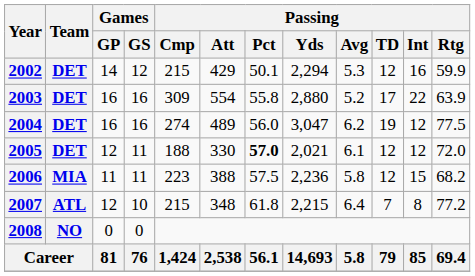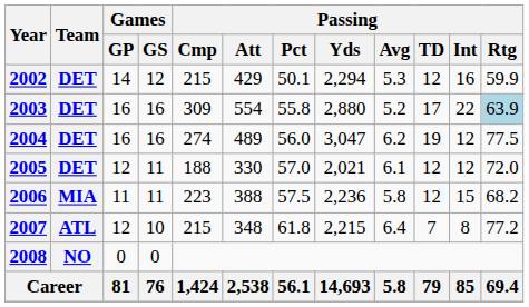 <table class="wikitable" style="text-align: center;">
 <tr>
 <th rowspan="2">Year</th>
 <th rowspan="2">Team</th>
 <th colspan="2">Games</th>
 <th colspan="8">Passing</th>
 </tr>
 <tr>
 <th>GP</th>
 <th>GS</th>
 <th>Cmp</th>
 <th>Att</th>
 <th>Pct</th>
 <th>Yds</th>
 <th>Avg</th>
 <th>TD</th>
 <th>Int</th>
 <th>Rtg</th>
 </tr>
 <tr>
 <th><a href='#'>2002</a></th>
 <th><a href='#'>DET</a></th>
 <td>14</td>
 <td>12</td>
 <td>215</td>
 <td>429</td>
 <td>50.1</td>
 <td>2,294</td>
 <td>5.3</td>
 <td>12</td>
 <td>16</td>
 <td>59.9</td>
 </tr>
 <tr>
 <th><a href='#'>2003</a></th>
 <th><a href='#'>DET</a></th>
 <td>16</td>
 <td>16</td>
 <td>309</td>
 <td>554</td>
 <td>55.8</td>
 <td>2,880</td>
 <td>5.2</td>
 <td>17</td>
 <td>22</td>
-<td>63.9</td>
+<td style="background: lightblue;">63.9</td>
 </tr>
 <tr>
 <th><a href='#'>2004</a></th>
 <th><a href='#'>DET</a></th>
 <td>16</td>
 <td>16</td>
 <td>274</td>
 <td>489</td>
 <td>56.0</td>
 <td>3,047</td>
 <td>6.2</td>
 <td>19</td>
 <td>12</td>
 <td>77.5</td>
 </tr>
 <tr>
 <th><a href='#'>2005</a></th>
 <th><a href='#'>DET</a></th>
 <td>12</td>
 <td>11</td>
 <td>188</td>
 <td>330</td>
-<td><strong>57.0</strong></td>
+<td>57.0</td>
 <td>2,021</td>
 <td>6.1</td>
 <td>12</td>
 <td>12</td>
 <td>72.0</td>
 </tr>
 <tr>
 <th><a href='#'>2006</a></th>
 <th><a href='#'>MIA</a></th>
 <td>11</td>
 <td>11</td>
 <td>223</td>
 <td>388</td>
 <td>57.5</td>
 <td>2,236</td>
 <td>5.8</td>
 <td>12</td>
 <td>15</td>
 <td>68.2</td>
 </tr>
 <tr>
 <th><a href='#'>2007</a></th>
 <th><a href='#'>ATL</a></th>
 <td>12</td>
 <td>10</td>
 <td>215</td>
 <td>348</td>
 <td>61.8</td>
 <td>2,215</td>
 <td>6.4</td>
 <td>7</td>
 <td>8</td>
 <td>77.2</td>
 </tr>
 <tr>
 <th><a href='#'>2008</a></th>
 <th><a href='#'>NO</a></th>
 <td>0</td>
 <td>0</td>
 <td colspan="16"></td>
 </tr>
 <tr>
 <th colspan="2">Career</th>
 <th>81</th>
 <th>76</th>
 <th>1,424</th>
 <th>2,538</th>
 <th>56.1</th>
 <th>14,693</th>
 <th>5.8</th>
 <th>79</th>
 <th>85</th>
 <th>69.4</th>
 </tr>
 <tr>
 </tr>
 </table>
